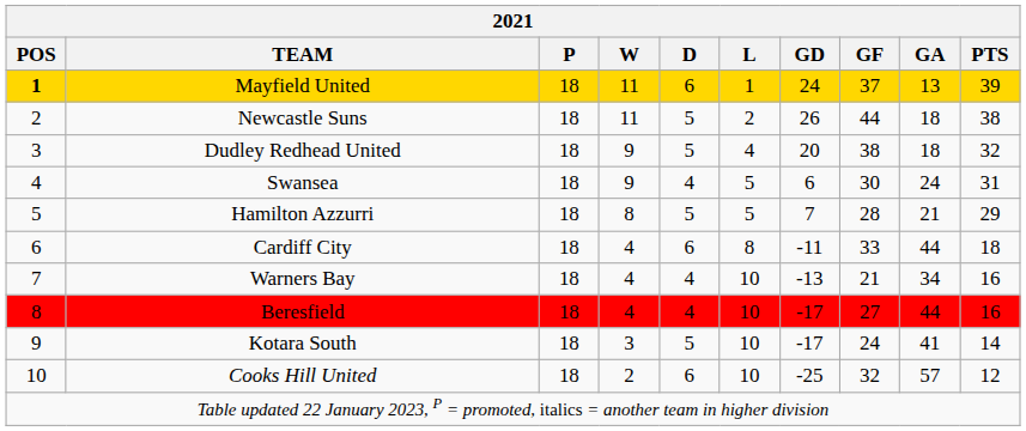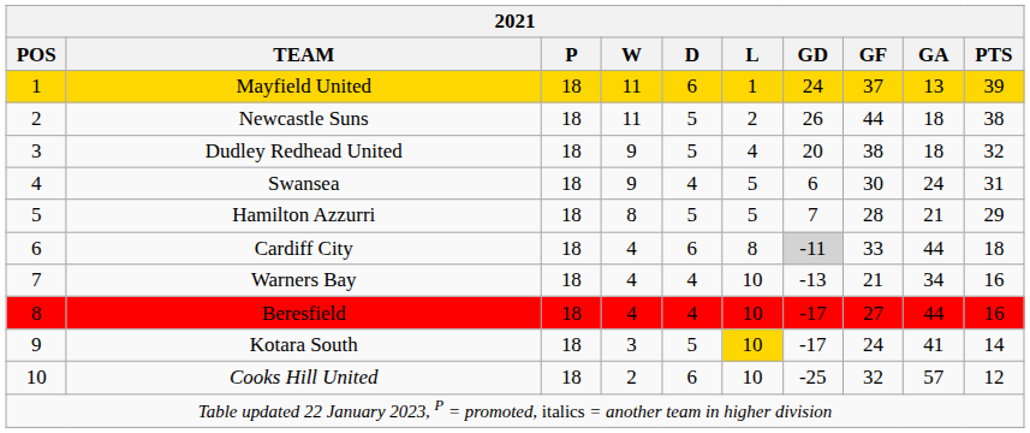 <table class="wikitable collapsible collapsed" style="text-align:center; min-width:50em; margin: 1em auto 1em auto;">
 <tr>
 <th colspan=10>2021</th>
 </tr>
 <tr>
 <th scope="col" width="40px">POS</th>
 <th scope="col">TEAM</th>
 <th scope="col" width="40px">P</th>
 <th scope="col" width="40px">W</th>
 <th scope="col" width="40px">D</th>
 <th scope="col" width="40px">L</th>
 <th scope="col" width="40px">GD</th>
 <th scope="col" width="40px">GF</th>
 <th scope="col" width="40px">GA</th>
 <th scope="col" width="40px">PTS</th>
 </tr>
 <tr style="background: gold;">
-<td><strong>1</strong></td>
+<td>1</td>
 <td>Mayfield United</td>
 <td>18</td>
 <td>11</td>
 <td>6</td>
 <td>1</td>
 <td>24</td>
 <td>37</td>
 <td>13</td>
 <td>39</td>
 </tr>
 <tr>
 <td>2</td>
 <td>Newcastle Suns</td>
 <td>18</td>
 <td>11</td>
 <td>5</td>
 <td>2</td>
 <td>26</td>
 <td>44</td>
 <td>18</td>
 <td>38</td>
 </tr>
 <tr>
 <td>3</td>
 <td>Dudley Redhead United</td>
 <td>18</td>
 <td>9</td>
 <td>5</td>
 <td>4</td>
 <td>20</td>
 <td>38</td>
 <td>18</td>
 <td>32</td>
 </tr>
 <tr>
 <td>4</td>
 <td>Swansea</td>
 <td>18</td>
 <td>9</td>
 <td>4</td>
 <td>5</td>
 <td>6</td>
 <td>30</td>
 <td>24</td>
 <td>31</td>
 </tr>
 <tr>
 <td>5</td>
 <td>Hamilton Azzurri</td>
 <td>18</td>
 <td>8</td>
 <td>5</td>
 <td>5</td>
 <td>7</td>
 <td>28</td>
 <td>21</td>
 <td>29</td>
 </tr>
 <tr>
 <td>6</td>
 <td>Cardiff City</td>
 <td>18</td>
 <td>4</td>
 <td>6</td>
 <td>8</td>
-<td>-11</td>
+<td style="background: lightgrey;">-11</td>
 <td>33</td>
 <td>44</td>
 <td>18</td>
 </tr>
 <tr>
 <td>7</td>
 <td>Warners Bay</td>
 <td>18</td>
 <td>4</td>
 <td>4</td>
 <td>10</td>
 <td>-13</td>
 <td>21</td>
 <td>34</td>
 <td>16</td>
 </tr>
 <tr style="background: red;">
 <td>8</td>
 <td>Beresfield</td>
 <td>18</td>
 <td>4</td>
 <td>4</td>
 <td>10</td>
 <td>-17</td>
 <td>27</td>
 <td>44</td>
 <td>16</td>
 </tr>
 <tr>
 <td>9</td>
 <td>Kotara South</td>
 <td>18</td>
 <td>3</td>
 <td>5</td>
-<td>10</td>
+<td style="background: gold;">10</td>
 <td>-17</td>
 <td>24</td>
 <td>41</td>
 <td>14</td>
 </tr>
 <tr>
 <td>10</td>
 <td><em>Cooks Hill United</em></td>
 <td>18</td>
 <td>2</td>
 <td>6</td>
 <td>10</td>
 <td>-25</td>
 <td>32</td>
 <td>57</td>
 <td>12</td>
 </tr>
 <tr>
 <td colspan=10 style="font-size:88%"><em>Table updated 22 January 2023, <sup>P</sup> = promoted, </em>italics<em> = another team in higher division</em></td>
 </tr>
 </table>
